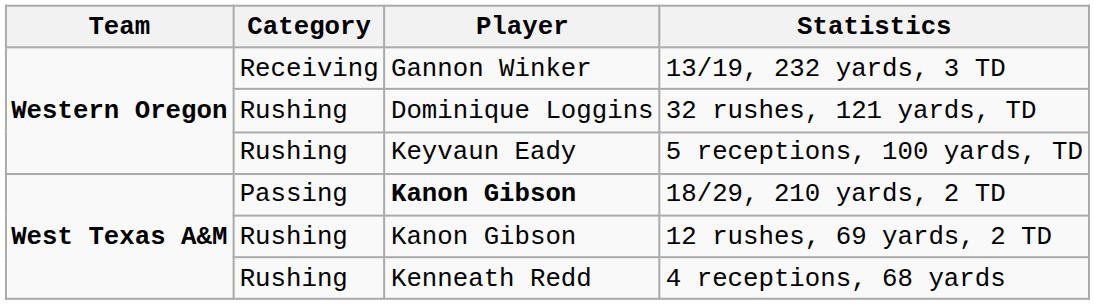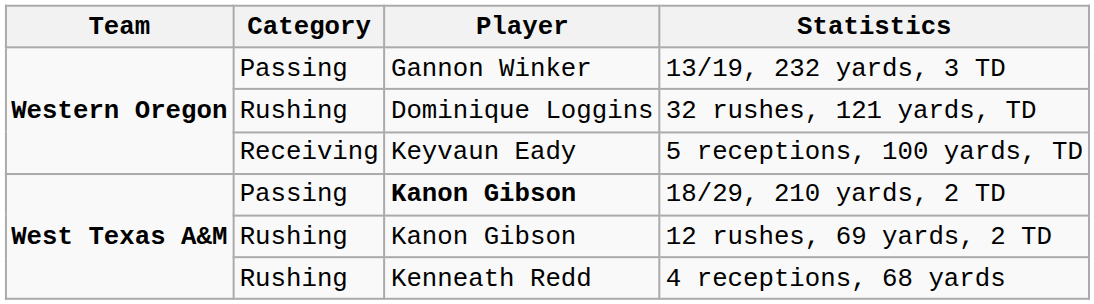 <table class="wikitable" style="float: right;">
 <tr>
 <th>Team</th>
 <th>Category</th>
 <th>Player</th>
 <th>Statistics</th>
 </tr>
 <tr>
 <td rowspan=3><strong>Western Oregon</strong></td>
-<td>Receiving</td>
+<td>Passing</td>
 <td>Gannon Winker</td>
 <td>13/19, 232 yards, 3 TD</td>
 </tr>
 <tr>
 <td>Rushing</td>
 <td>Dominique Loggins</td>
 <td>32 rushes, 121 yards, TD</td>
 </tr>
 <tr>
-<td>Rushing</td>
+<td>Receiving</td>
 <td>Keyvaun Eady</td>
 <td>5 receptions, 100 yards, TD</td>
 </tr>
 <tr>
 <td rowspan=3><strong>West Texas A&M</strong></td>
 <td>Passing</td>
 <td><strong>Kanon Gibson</strong></td>
 <td>18/29, 210 yards, 2 TD</td>
 </tr>
 <tr>
 <td>Rushing</td>
 <td>Kanon Gibson</td>
 <td>12 rushes, 69 yards, 2 TD</td>
 </tr>
 <tr>
 <td>Rushing</td>
 <td>Kenneath Redd</td>
 <td>4 receptions, 68 yards</td>
 </tr>
 </table>
